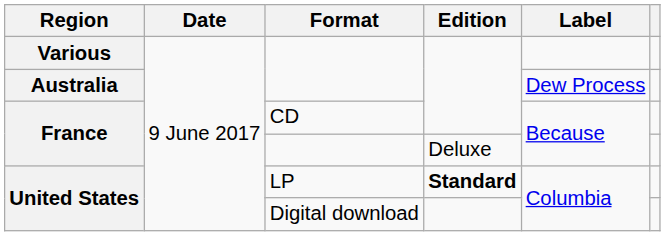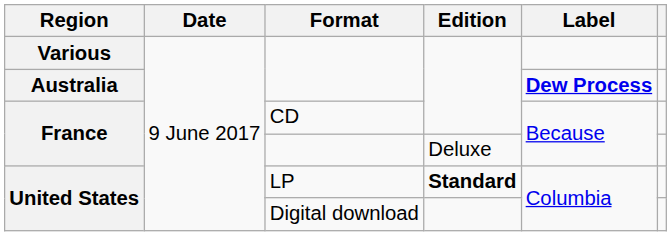 <table class="wikitable plainrowheaders">
 <tr>
 <th scope="col">Region</th>
 <th scope="col">Date</th>
 <th scope="col">Format</th>
 <th scope="col">Edition</th>
 <th scope="col">Label</th>
 <th scope="col"></th>
 </tr>
 <tr>
 <th scope="row">Various</th>
 <td rowspan="6">9 June 2017</td>
 <td rowspan="2"></td>
 <td rowspan="3"></td>
 <td></td>
 <td align="center"></td>
 </tr>
 <tr>
 <th scope="row">Australia</th>
-<td><a href='#'>Dew Process</a></td>
+<td><strong><a href='#'>Dew Process</a></strong></td>
 <td align="center"></td>
 </tr>
 <tr>
 <th scope="row" rowspan="2">France</th>
 <td>CD</td>
 <td rowspan="2"><a href='#'>Because</a></td>
 <td align="center"></td>
 </tr>
 <tr>
 <td></td>
 <td>Deluxe</td>
 <td align="center"></td>
 </tr>
 <tr>
 <th scope="row" rowspan="2">United States</th>
 <td>LP</td>
 <td><strong>Standard</strong></td>
 <td rowspan="2"><a href='#'>Columbia</a></td>
 <td align="center"></td>
 </tr>
 <tr>
 <td>Digital download</td>
 <td></td>
 <td align="center"></td>
 </tr>
 </table>
